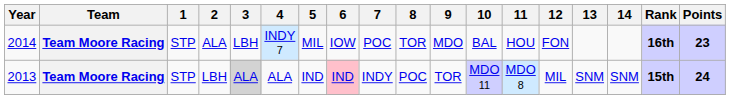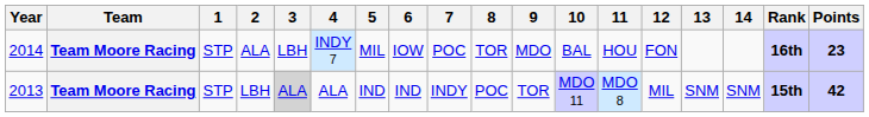 <table class="wikitable" style="text-align:center; font-size:90%">
 <tr>
 <th>Year</th>
 <th>Team</th>
 <th>1</th>
 <th>2</th>
 <th>3</th>
 <th>4</th>
 <th>5</th>
 <th>6</th>
 <th>7</th>
 <th>8</th>
 <th>9</th>
 <th>10</th>
 <th>11</th>
 <th>12</th>
 <th>13</th>
 <th>14</th>
 <th>Rank</th>
 <th>Points</th>
 </tr>
 <tr>
 <td><a href='#'>2014</a></td>
 <th><a href='#'>Team Moore Racing</a></th>
 <td><a href='#'>STP</a></td>
 <td><a href='#'>ALA</a></td>
 <td><a href='#'>LBH</a></td>
 <td style="background:#CFEAFF;"><a href='#'>INDY</a><br><small>7</small></td>
 <td><a href='#'>MIL</a></td>
 <td><a href='#'>IOW</a></td>
 <td><a href='#'>POC</a></td>
 <td><a href='#'>TOR</a></td>
 <td><a href='#'>MDO</a></td>
 <td><a href='#'>BAL</a></td>
 <td><a href='#'>HOU</a></td>
 <td><a href='#'>FON</a></td>
 <td></td>
 <td></td>
 <td style="background:#CFCFFF;"><strong>16th</strong></td>
 <td style="background:#CFCFFF;"><strong>23</strong></td>
 </tr>
 <tr>
 <td><a href='#'>2013</a></td>
 <th><a href='#'>Team Moore Racing</a></th>
 <td><a href='#'>STP</a></td>
 <td><a href='#'>LBH</a></td>
 <td style="background: lightgrey;"><a href='#'>ALA</a></td>
 <td><a href='#'>ALA</a></td>
 <td><a href='#'>IND</a></td>
-<td style="background: pink;"><a href='#'>IND</a></td>
+<td><a href='#'>IND</a></td>
 <td><a href='#'>INDY</a></td>
 <td><a href='#'>POC</a></td>
 <td><a href='#'>TOR</a></td>
 <td style="background:#CFCFFF;"><a href='#'>MDO</a><br><small>11</small></td>
 <td style="background:#CFEAFF;"><a href='#'>MDO</a><br><small>8</small></td>
 <td><a href='#'>MIL</a></td>
 <td><a href='#'>SNM</a></td>
 <td><a href='#'>SNM</a></td>
 <td style="background:#CFCFFF;"><strong>15th</strong></td>
-<td style="background:#CFCFFF;"><strong>24</strong></td>
+<td style="background:#CFCFFF;"><strong>42</strong></td>
 </tr>
 </table>
